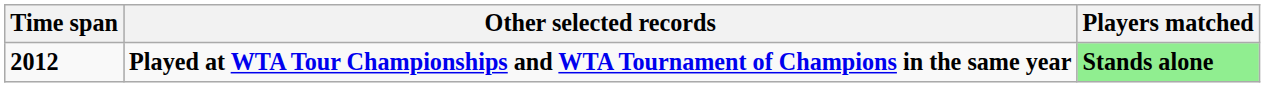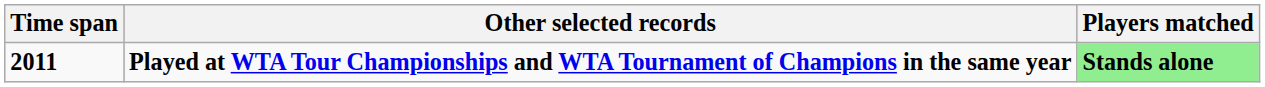 <table class="wikitable collapsible collapsed">
 <tr>
 <th>Time span</th>
 <th>Other selected records</th>
 <th>Players matched</th>
 </tr>
 <tr>
-<td><strong>2012</strong></td>
+<td><strong>2011</strong></td>
 <td><strong>Played at <a href='#'>WTA Tour Championships</a> and <a href='#'>WTA Tournament of Champions</a> in the same year</strong></td>
 <td style="background: lightgreen;"><strong>Stands alone</strong></td>
 </tr>
 </table>
